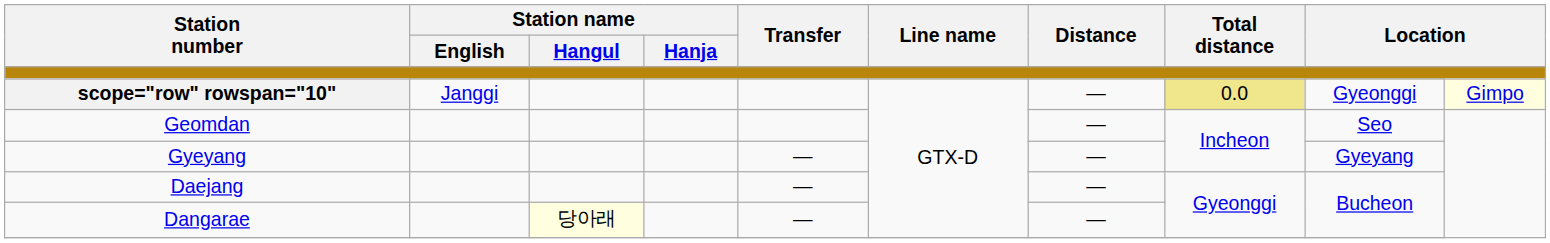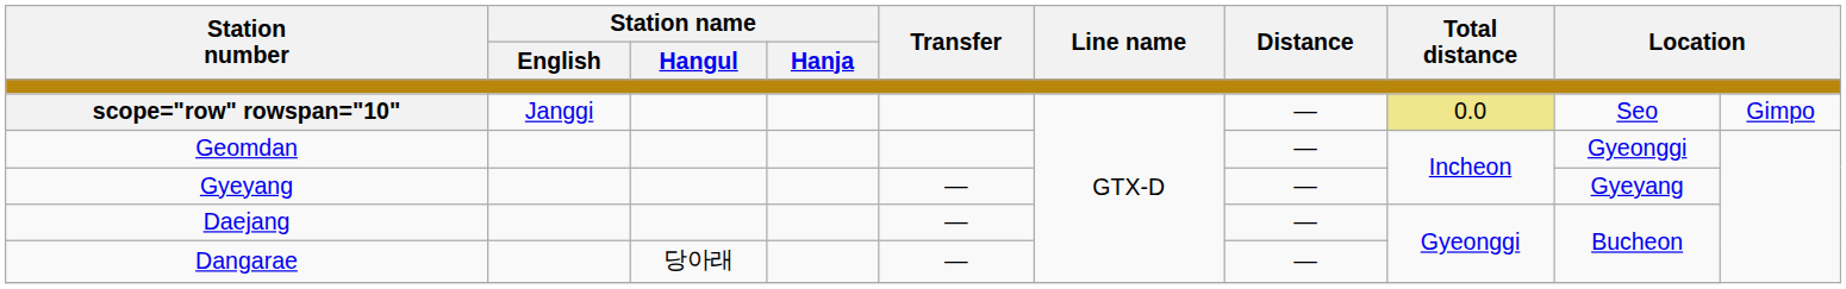 <table class="wikitable plainrowheaders" style="text-align:center; width:100%">
 <tr>
 <th rowspan="2">Station<br>number</th>
 <th colspan="3">Station name</th>
 <th rowspan="2">Transfer</th>
 <th rowspan="2">Line name</th>
 <th rowspan="2">Distance</th>
 <th rowspan="2">Total<br>distance</th>
 <th colspan="2" rowspan="2">Location</th>
 </tr>
 <tr>
 <th>English</th>
 <th><a href='#'>Hangul</a></th>
 <th><a href='#'>Hanja</a></th>
 </tr>
 <tr>
 <td colspan="10" style="background:#B8860B; height:2pt"></td>
 </tr>
 <tr>
 <th>scope="row" rowspan="10" </th>
 <td><a href='#'>Janggi</a></td>
 <td></td>
 <td></td>
 <td style="text-align:left"></td>
 <td rowspan="5">GTX-D</td>
 <td>—</td>
 <td style="background: khaki;">0.0</td>
-<td><a href='#'>Gyeonggi</a></td>
-<td style="background: lightyellow;"><a href='#'>Gimpo</a></td>
+<td><a href='#'>Seo</a></td>
+<td><a href='#'>Gimpo</a></td>
 </tr>
 <tr>
 <td><a href='#'>Geomdan</a></td>
 <td></td>
 <td></td>
 <td style="text-align:left"></td>
 <td></td>
 <td>—</td>
 <td rowspan="2"><a href='#'>Incheon</a></td>
-<td><a href='#'>Seo</a></td>
+<td><a href='#'>Gyeonggi</a></td>
 </tr>
 <tr>
 <td><a href='#'>Gyeyang</a></td>
 <td></td>
 <td></td>
 <td style="text-align:left"></td>
 <td>—</td>
 <td>—</td>
 <td><a href='#'>Gyeyang</a></td>
 </tr>
 <tr>
 <td><a href='#'>Daejang</a></td>
 <td></td>
 <td></td>
 <td style="text-align:left"></td>
 <td>—</td>
 <td>—</td>
 <td rowspan="2"><a href='#'>Gyeonggi</a></td>
 <td rowspan="2"><a href='#'>Bucheon</a></td>
 </tr>
 <tr>
 <td><a href='#'>Dangarae</a></td>
 <td></td>
-<td style="background: lightyellow;">당아래</td>
+<td>당아래</td>
 <td style="text-align:left"></td>
 <td>—</td>
 <td>—</td>
 </tr>
 <tr>
 </tr>
 </table>
